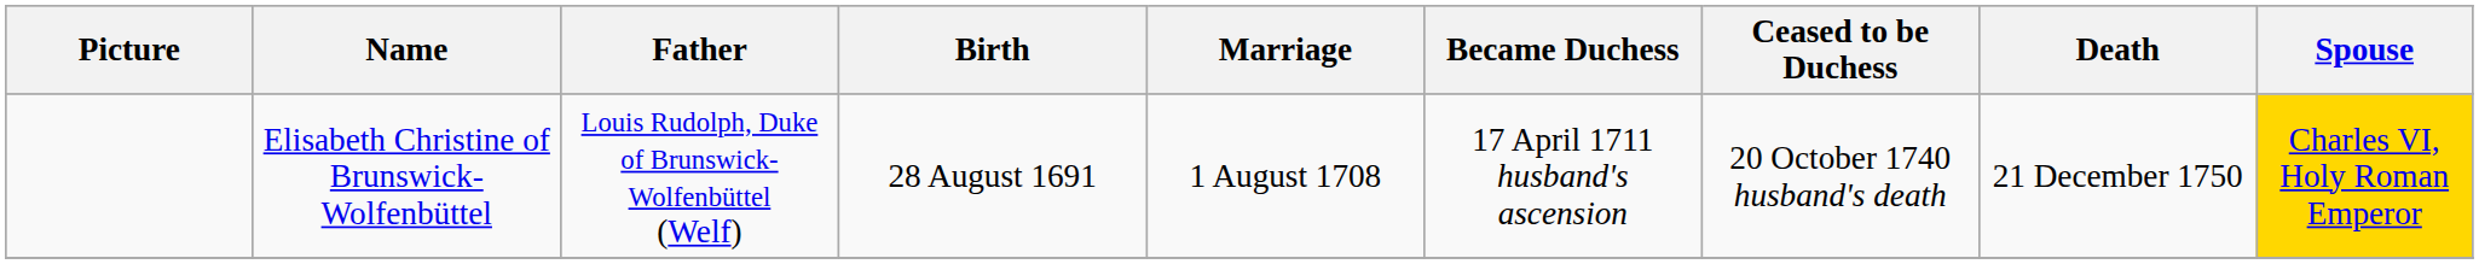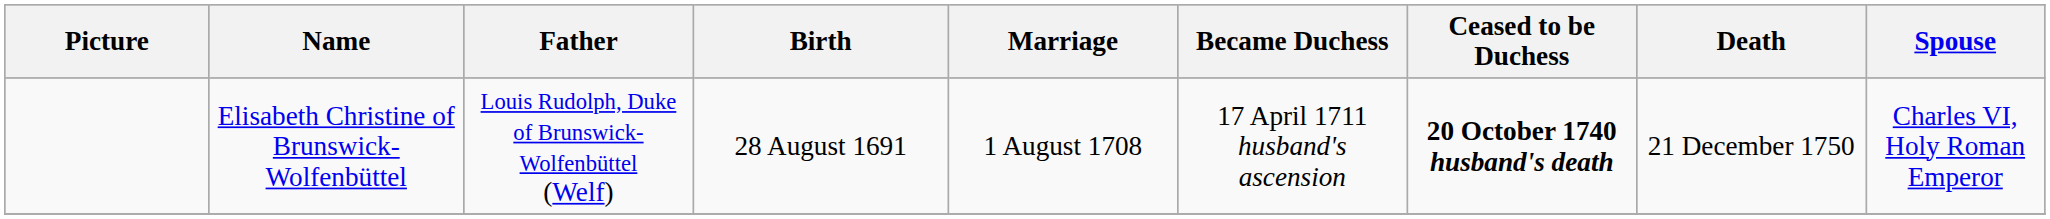 <table width=95% class="wikitable">
 <tr>
 <th width = "8%">Picture</th>
 <th width = "10%">Name</th>
 <th width = "9%">Father</th>
 <th width = "10%">Birth</th>
 <th width = "9%">Marriage</th>
 <th width = "9%">Became Duchess</th>
 <th width = "9%">Ceased to be Duchess</th>
 <th width = "9%">Death</th>
 <th width = "7%"><a href='#'>Spouse</a></th>
 </tr>
 <tr>
 <td align=center></td>
 <td align=center><a href='#'>Elisabeth Christine of Brunswick-Wolfenbüttel</a></td>
 <td align="center"><small><a href='#'>Louis Rudolph, Duke of Brunswick-Wolfenbüttel</a></small><br>(<a href='#'>Welf</a>)</td>
 <td align="center">28 August 1691</td>
 <td align="center">1 August 1708</td>
 <td align="center">17 April 1711<br><em>husband's ascension</em></td>
-<td align="center">20 October 1740<br><em>husband's death</em></td>
+<td align="center"><strong>20 October 1740<br><em>husband's death</em></strong></td>
 <td align="center">21 December 1750</td>
-<td align="center" style="background: gold;"><a href='#'>Charles VI, Holy Roman Emperor</a></td>
+<td align="center"><a href='#'>Charles VI, Holy Roman Emperor</a></td>
 </tr>
 <tr>
 </tr>
 </table>
